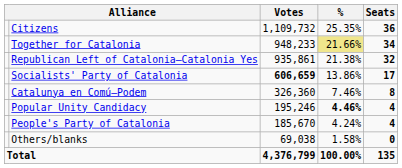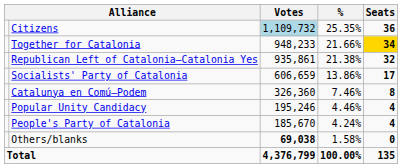 <table class="wikitable" style="font-size:100%; text-align:right;">
 <tr>
 <th colspan=2>Alliance</th>
 <th>Votes</th>
 <th>%</th>
 <th>Seats</th>
 </tr>
 <tr>
 <td style="background:"></td>
 <td align=left><a href='#'>Citizens</a></td>
-<td>1,109,732</td>
+<td style="background: lightblue;">1,109,732</td>
 <td>25.35%</td>
 <td><strong>36</strong></td>
 </tr>
 <tr>
 <td style="background:"></td>
 <td align=left><a href='#'>Together for Catalonia</a></td>
 <td>948,233</td>
-<td style="background: khaki;">21.66%</td>
-<td><strong>34</strong></td>
+<td>21.66%</td>
+<td style="background: gold;"><strong>34</strong></td>
 </tr>
 <tr>
 <td style="background:"></td>
 <td align=left><a href='#'>Republican Left of Catalonia–Catalonia Yes</a></td>
 <td>935,861</td>
 <td>21.38%</td>
 <td><strong>32</strong></td>
 </tr>
 <tr>
 <td style="background:"></td>
 <td align=left><a href='#'>Socialists' Party of Catalonia</a></td>
-<td><strong>606,659</strong></td>
+<td>606,659</td>
 <td>13.86%</td>
 <td><strong>17</strong></td>
 </tr>
 <tr>
 <td style="background:"></td>
 <td align=left><a href='#'>Catalunya en Comú–Podem</a></td>
 <td>326,360</td>
 <td>7.46%</td>
 <td><strong>8</strong></td>
 </tr>
 <tr>
 <td style="background:"></td>
 <td align=left><a href='#'>Popular Unity Candidacy</a></td>
 <td>195,246</td>
-<td><strong>4.46%</strong></td>
+<td>4.46%</td>
 <td><strong>4</strong></td>
 </tr>
 <tr>
 <td style="background:"></td>
 <td align=left><a href='#'>People's Party of Catalonia</a></td>
 <td>185,670</td>
 <td>4.24%</td>
 <td><strong>4</strong></td>
 </tr>
 <tr>
 <td></td>
 <td align=left>Others/blanks</td>
-<td>69,038</td>
+<td><strong>69,038</strong></td>
 <td>1.58%</td>
 <td><strong>0</strong></td>
 </tr>
 <tr>
 <td colspan=2 align=left><strong>Total</strong></td>
 <td><strong>4,376,799</strong></td>
 <td><strong>100.00%</strong></td>
 <td><strong>135</strong></td>
 </tr>
 </table>
